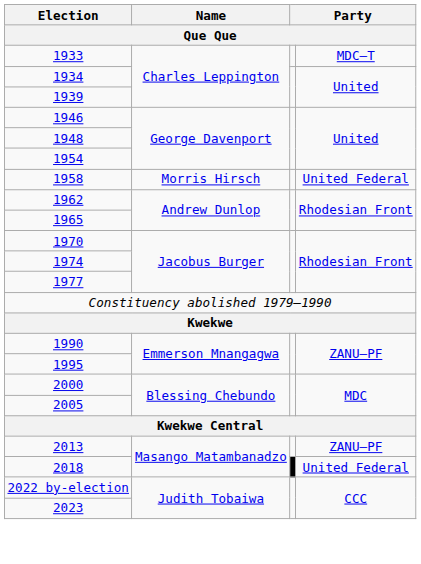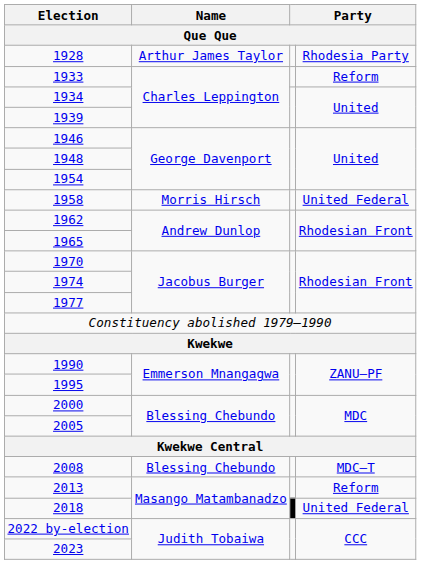 <table class="wikitable" style="text-align:center">
 <tr>
 <th>Election</th>
 <th>Name</th>
 <th colspan="2">Party</th>
 </tr>
 <tr>
 <th colspan="4">Que Que</th>
 </tr>
 <tr>
+<td><a href='#'>1928</a></td>
+<td><a href='#'>Arthur James Taylor</a></td>
+<td style="background-color: "></td>
+<td><a href='#'>Rhodesia Party</a></td>
+</tr>
+<tr>
 <td><a href='#'>1933</a></td>
 <td rowspan="3"><a href='#'>Charles Leppington</a></td>
 <td style="background-color: "></td>
-<td><a href='#'>MDC–T</a></td>
+<td><a href='#'>Reform</a></td>
 </tr>
 <tr>
 <td><a href='#'>1934</a></td>
 <td rowspan="2" style="background-color: "></td>
 <td rowspan="2"><a href='#'>United</a></td>
 </tr>
 <tr>
 <td><a href='#'>1939</a></td>
 </tr>
 <tr>
 <td><a href='#'>1946</a></td>
 <td rowspan="3"><a href='#'>George Davenport</a></td>
 <td rowspan="3" style="background-color: "></td>
 <td rowspan="3"><a href='#'>United</a></td>
 </tr>
 <tr>
 <td><a href='#'>1948</a></td>
 </tr>
 <tr>
 <td><a href='#'>1954</a></td>
 </tr>
 <tr>
 <td><a href='#'>1958</a></td>
 <td><a href='#'>Morris Hirsch</a></td>
 <td style="background-color: "></td>
 <td><a href='#'>United Federal</a></td>
 </tr>
 <tr>
 <td><a href='#'>1962</a></td>
 <td rowspan="2"><a href='#'>Andrew Dunlop</a></td>
 <td rowspan="2" style="background-color: "></td>
 <td rowspan="2"><a href='#'>Rhodesian Front</a></td>
 </tr>
 <tr>
 <td><a href='#'>1965</a></td>
 </tr>
 <tr>
 <td><a href='#'>1970</a></td>
 <td rowspan="3"><a href='#'>Jacobus Burger</a></td>
 <td rowspan="3" style="background-color: "></td>
 <td rowspan="3"><a href='#'>Rhodesian Front</a></td>
 </tr>
 <tr>
 <td><a href='#'>1974</a></td>
 </tr>
 <tr>
 <td><a href='#'>1977</a></td>
 </tr>
 <tr>
 <td colspan="4"><em>Constituency abolished 1979–1990</em></td>
 </tr>
 <tr>
 <th colspan="4">Kwekwe</th>
 </tr>
 <tr>
 <td><a href='#'>1990</a></td>
 <td rowspan="2"><a href='#'>Emmerson Mnangagwa</a></td>
 <td rowspan="2" style="background-color: "></td>
 <td rowspan="2"><a href='#'>ZANU–PF</a></td>
 </tr>
 <tr>
 <td><a href='#'>1995</a></td>
 </tr>
 <tr>
 <td><a href='#'>2000</a></td>
 <td rowspan="2"><a href='#'>Blessing Chebundo</a></td>
 <td rowspan="2" style="background-color: "></td>
 <td rowspan="2"><a href='#'>MDC</a></td>
 </tr>
 <tr>
 <td><a href='#'>2005</a></td>
 </tr>
 <tr>
 <th colspan="4">Kwekwe Central</th>
 </tr>
 <tr>
+<td><a href='#'>2008</a></td>
+<td><a href='#'>Blessing Chebundo</a></td>
+<td style="background-color: "></td>
+<td><a href='#'>MDC–T</a></td>
+</tr>
+<tr>
 <td><a href='#'>2013</a></td>
 <td rowspan="2"><a href='#'>Masango Matambanadzo</a></td>
 <td style="background-color: "></td>
-<td><a href='#'>ZANU–PF</a></td>
+<td><a href='#'>Reform</a></td>
 </tr>
 <tr>
 <td><a href='#'>2018</a></td>
 <td style="background:#000000;"></td>
 <td><a href='#'>United Federal</a></td>
 </tr>
 <tr>
 <td><a href='#'>2022 by-election</a></td>
 <td rowspan="2"><a href='#'>Judith Tobaiwa</a></td>
 <td rowspan="2" style="background-color: "></td>
 <td rowspan="2"><a href='#'>CCC</a></td>
 </tr>
 <tr>
 <td><a href='#'>2023</a></td>
 </tr>
 </table>
